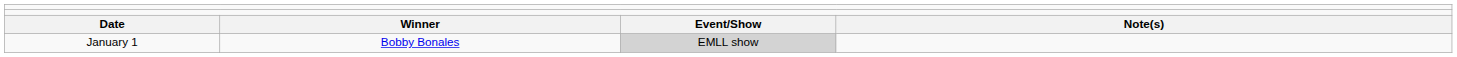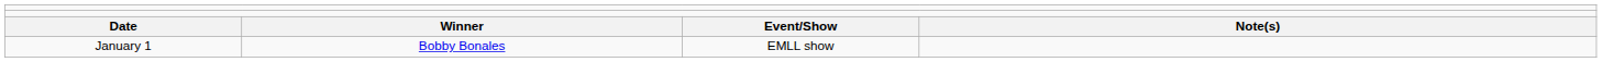 <table class="wikitable" style="text-align:center; width:100%;">
 <tr>
 <td colspan=5></td>
 </tr>
 <tr>
 <td colspan=5><strong></strong></td>
 </tr>
 <tr>
 <th width=14%>Date</th>
 <th width=26%>Winner</th>
 <th width=14%>Event/Show</th>
 <th width=40%>Note(s)</th>
 </tr>
 <tr>
 <td>January 1</td>
 <td><a href='#'>Bobby Bonales</a></td>
-<td style="background: lightgrey;">EMLL show</td>
+<td>EMLL show</td>
 <td align=left></td>
 </tr>
 </table>
